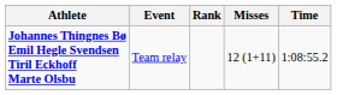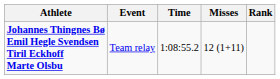 <table class=wikitable style="font-size:90%">
 <tr>
 <th>Athlete</th>
 <th>Event</th>
+<th>Time</th>
+<th>Misses</th>
 <th>Rank</th>
-<th>Misses</th>
-<th>Time</th>
 </tr>
 <tr align=center>
 <td align=left><strong><a href='#'>Johannes Thingnes Bø</a><br><a href='#'>Emil Hegle Svendsen</a><br><a href='#'>Tiril Eckhoff</a><br><a href='#'>Marte Olsbu</a></strong></td>
 <td align=left><a href='#'>Team relay</a></td>
+<td>1:08:55.2</td>
+<td>12 (1+11)</td>
 <td></td>
-<td>12 (1+11)</td>
-<td>1:08:55.2</td>
 </tr>
 </table>
